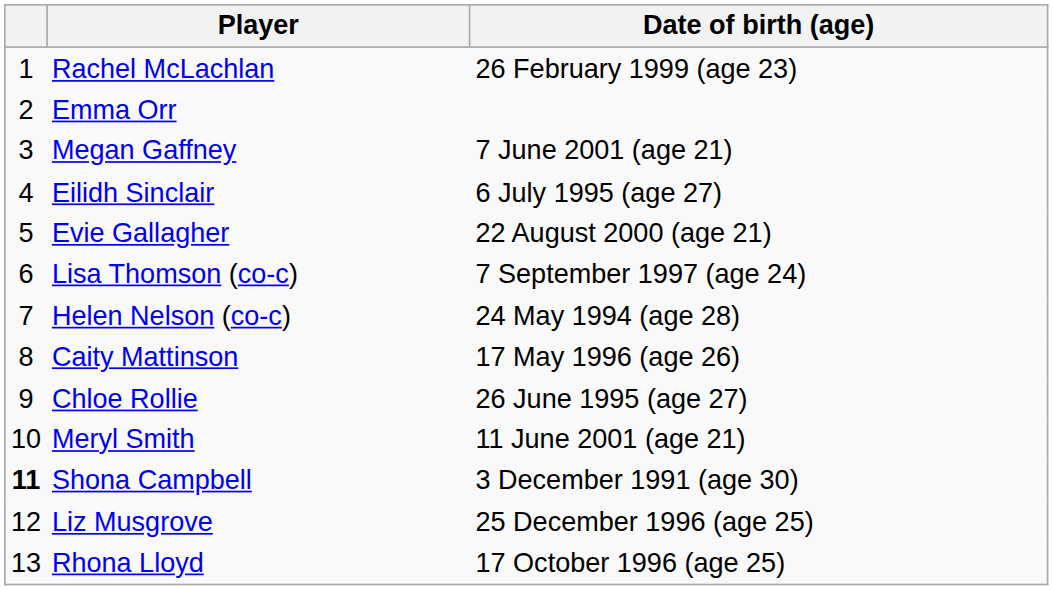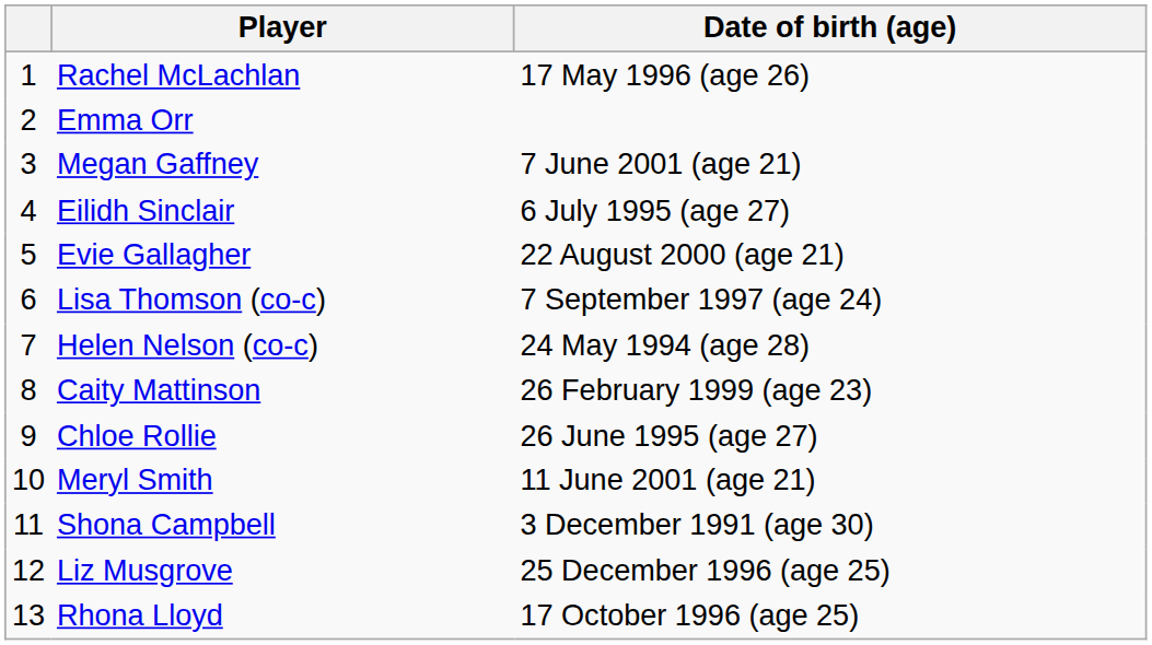 <table class="wikitable" style="font-size:">
 <tr>
 <th scope="col" style="width:4%"></th>
 <th scope="col">Player</th>
 <th scope="col">Date of birth (age)</th>
 </tr>
 <tr>
 <td style="text-align:center; border:0">1</td>
 <td style="text-align:left; border:0"><a href='#'>Rachel McLachlan</a></td>
-<td style="text-align:left; border:0">26 February 1999 (age 23)</td>
+<td style="text-align:left; border:0">17 May 1996 (age 26)</td>
 </tr>
 <tr>
 <td style="text-align:center; border:0">2</td>
 <td style="text-align:left; border:0"><a href='#'>Emma Orr</a></td>
 <td style="text-align:left; border:0"></td>
 </tr>
 <tr>
 <td style="text-align:center; border:0">3</td>
 <td style="text-align:left; border:0"><a href='#'>Megan Gaffney</a></td>
 <td style="text-align:left; border:0">7 June 2001 (age 21)</td>
 </tr>
 <tr>
 <td style="text-align:center; border:0">4</td>
 <td style="text-align:left; border:0"><a href='#'>Eilidh Sinclair</a></td>
 <td style="text-align:left; border:0">6 July 1995 (age 27)</td>
 </tr>
 <tr>
 <td style="text-align:center; border:0">5</td>
 <td style="text-align:left; border:0"><a href='#'>Evie Gallagher</a></td>
 <td style="text-align:left; border:0">22 August 2000 (age 21)</td>
 </tr>
 <tr>
 <td style="text-align:center; border:0">6</td>
 <td style="text-align:left; border:0"><a href='#'>Lisa Thomson</a> (<a href='#'>co-c</a>)</td>
 <td style="text-align:left; border:0">7 September 1997 (age 24)</td>
 </tr>
 <tr>
 <td style="text-align:center; border:0">7</td>
 <td style="text-align:left; border:0"><a href='#'>Helen Nelson</a> (<a href='#'>co-c</a>)</td>
 <td style="text-align:left; border:0">24 May 1994 (age 28)</td>
 </tr>
 <tr>
 <td style="text-align:center; border:0">8</td>
 <td style="text-align:left; border:0"><a href='#'>Caity Mattinson</a></td>
-<td style="text-align:left; border:0">17 May 1996 (age 26)</td>
+<td style="text-align:left; border:0">26 February 1999 (age 23)</td>
 </tr>
 <tr>
 <td style="text-align:center; border:0">9</td>
 <td style="text-align:left; border:0"><a href='#'>Chloe Rollie</a></td>
 <td style="text-align:left; border:0">26 June 1995 (age 27)</td>
 </tr>
 <tr>
 <td style="text-align:center; border:0">10</td>
 <td style="text-align:left; border:0"><a href='#'>Meryl Smith</a></td>
 <td style="text-align:left; border:0">11 June 2001 (age 21)</td>
 </tr>
 <tr>
-<td style="text-align:center; border:0"><strong>11</strong></td>
+<td style="text-align:center; border:0">11</td>
 <td style="text-align:left; border:0"><a href='#'>Shona Campbell</a></td>
 <td style="text-align:left; border:0">3 December 1991 (age 30)</td>
 </tr>
 <tr>
 <td style="text-align:center; border:0">12</td>
 <td style="text-align:left; border:0"><a href='#'>Liz Musgrove</a></td>
 <td style="text-align:left; border:0">25 December 1996 (age 25)</td>
 </tr>
 <tr>
 <td style="text-align:center; border:0">13</td>
 <td style="text-align:left; border:0"><a href='#'>Rhona Lloyd</a></td>
 <td style="text-align:left; border:0">17 October 1996 (age 25)</td>
 </tr>
 </table>
